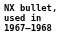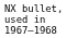 <table style="width:90px;">
 <tr>
 <td></td>
 </tr>
 <tr>
-<td><strong><div>NX bullet, used in 1967–1968</div></strong></td>
+<td><div>NX bullet, used in 1967–1968</div></td>
 </tr>
 </table>
